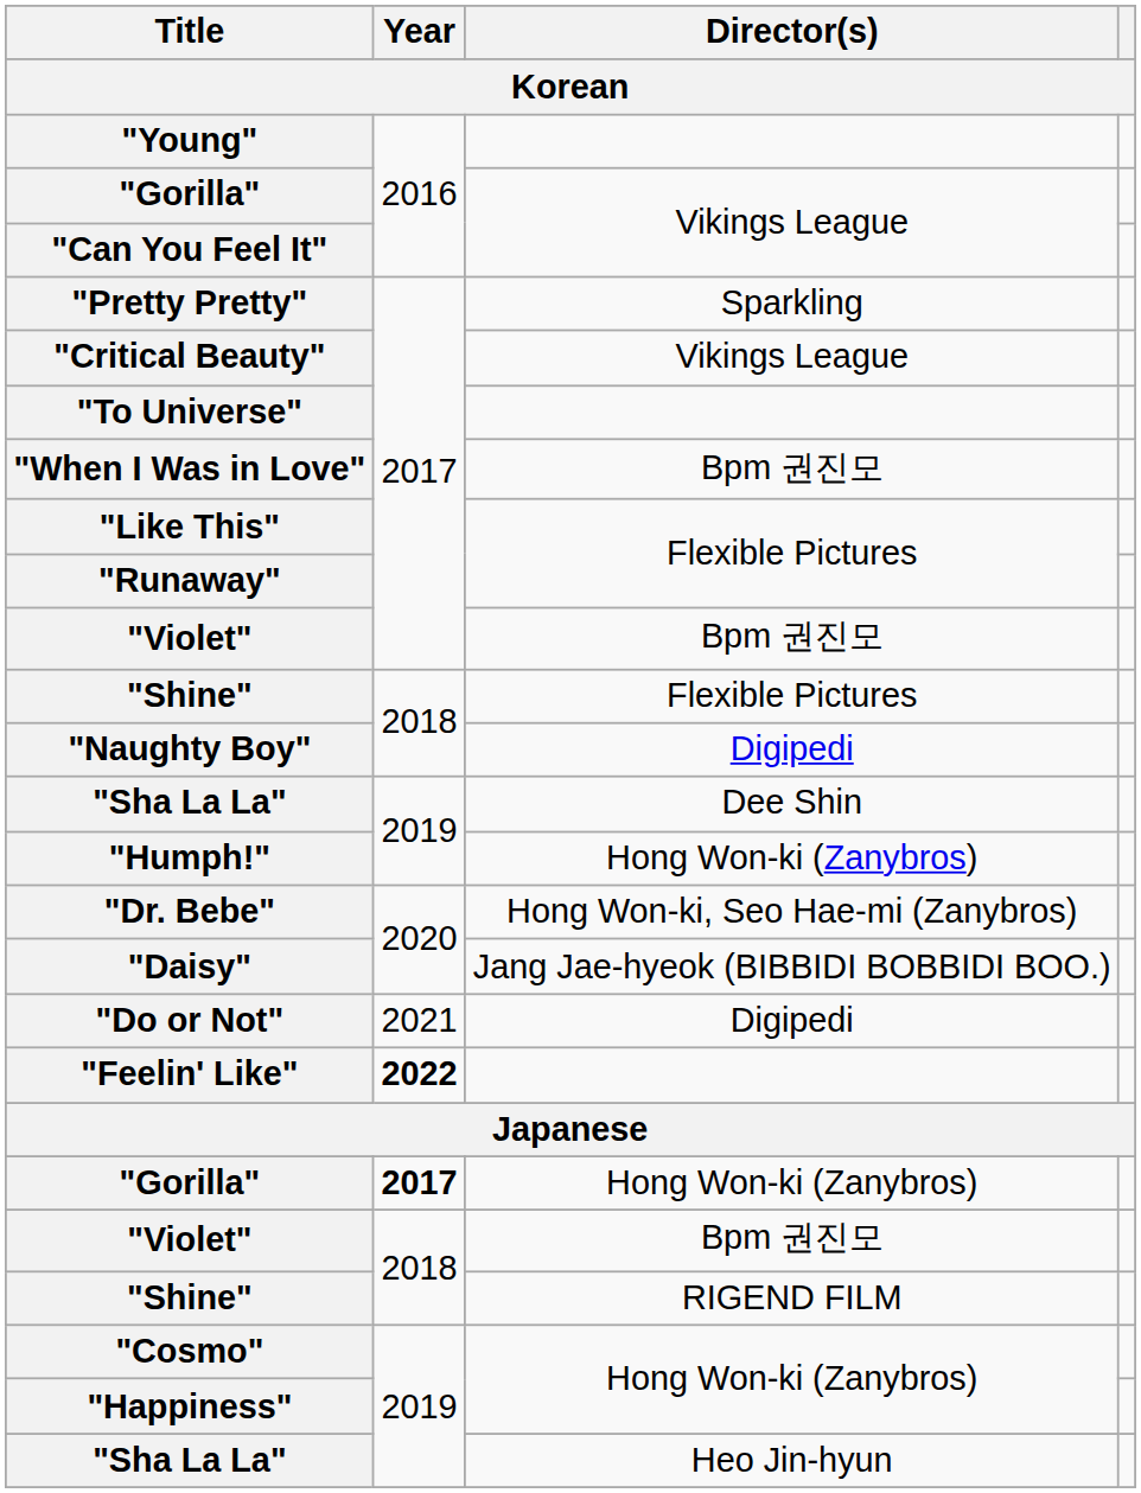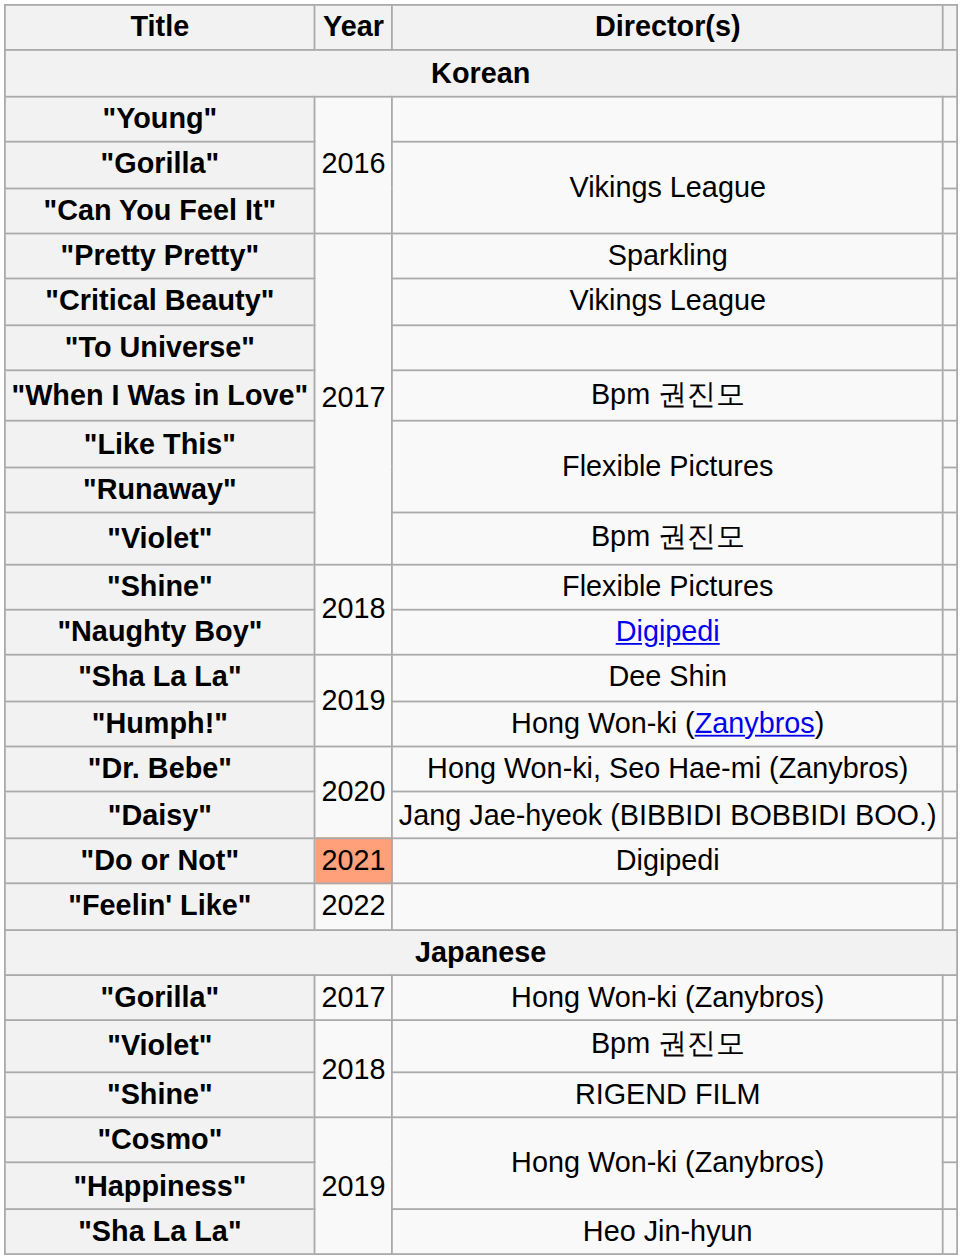 <table class="wikitable plainrowheaders" style="text-align:center;">
 <tr>
 <th scope="col">Title</th>
 <th scope="col">Year</th>
 <th scope="col">Director(s)</th>
 <th scope="col"></th>
 </tr>
 <tr>
 <th colspan="4">Korean</th>
 </tr>
 <tr>
 <th scope="row">"Young"</th>
 <td rowspan="3">2016</td>
 <td></td>
 <td></td>
 </tr>
 <tr>
 <th scope="row">"Gorilla"</th>
 <td rowspan="2">Vikings League</td>
 <td></td>
 </tr>
 <tr>
 <th scope="row">"Can You Feel It"</th>
 <td></td>
 </tr>
 <tr>
 <th scope="row">"Pretty Pretty"</th>
 <td rowspan="7">2017</td>
 <td>Sparkling</td>
 <td></td>
 </tr>
 <tr>
 <th scope="row">"Critical Beauty"</th>
 <td>Vikings League</td>
 <td></td>
 </tr>
 <tr>
 <th scope="row">"To Universe"</th>
 <td></td>
 <td></td>
 </tr>
 <tr>
 <th scope="row">"When I Was in Love"</th>
 <td>Bpm 권진모</td>
 <td></td>
 </tr>
 <tr>
 <th scope="row">"Like This"</th>
 <td rowspan="2">Flexible Pictures</td>
 <td></td>
 </tr>
 <tr>
 <th scope="row">"Runaway"</th>
 <td></td>
 </tr>
 <tr>
 <th scope="row">"Violet"</th>
 <td>Bpm 권진모</td>
 <td></td>
 </tr>
 <tr>
 <th scope="row">"Shine"</th>
 <td rowspan="2">2018</td>
 <td>Flexible Pictures</td>
 <td></td>
 </tr>
 <tr>
 <th scope="row">"Naughty Boy"</th>
 <td><a href='#'>Digipedi</a></td>
 <td></td>
 </tr>
 <tr>
 <th scope="row">"Sha La La"</th>
 <td rowspan="2">2019</td>
 <td>Dee Shin</td>
 <td></td>
 </tr>
 <tr>
 <th scope="row">"Humph!"</th>
 <td>Hong Won-ki (<a href='#'>Zanybros</a>)</td>
 <td></td>
 </tr>
 <tr>
 <th scope="row">"Dr. Bebe"</th>
 <td rowspan="2">2020</td>
 <td>Hong Won-ki, Seo Hae-mi (Zanybros)</td>
 <td></td>
 </tr>
 <tr>
 <th scope="row">"Daisy"</th>
 <td>Jang Jae-hyeok (BIBBIDI BOBBIDI BOO.)</td>
 <td></td>
 </tr>
 <tr>
 <th scope="row">"Do or Not"</th>
-<td>2021</td>
+<td style="background: lightsalmon;">2021</td>
 <td>Digipedi</td>
 <td></td>
 </tr>
 <tr>
 <th scope="row">"Feelin' Like"</th>
-<td><strong>2022</strong></td>
+<td>2022</td>
 <td></td>
 <td></td>
 </tr>
 <tr>
 <th colspan="4">Japanese</th>
 </tr>
 <tr>
 <th scope="row">"Gorilla"</th>
-<td><strong>2017</strong></td>
+<td>2017</td>
 <td>Hong Won-ki (Zanybros)</td>
 <td></td>
 </tr>
 <tr>
 <th scope="row">"Violet"</th>
 <td rowspan="2">2018</td>
 <td>Bpm 권진모</td>
 <td></td>
 </tr>
 <tr>
 <th scope="row">"Shine"</th>
 <td>RIGEND FILM</td>
 <td></td>
 </tr>
 <tr>
 <th scope="row">"Cosmo"</th>
 <td rowspan="3">2019</td>
 <td rowspan="2">Hong Won-ki (Zanybros)</td>
 <td></td>
 </tr>
 <tr>
 <th scope="row">"Happiness"</th>
 <td></td>
 </tr>
 <tr>
 <th scope="row">"Sha La La"</th>
 <td>Heo Jin-hyun</td>
 <td></td>
 </tr>
 </table>
